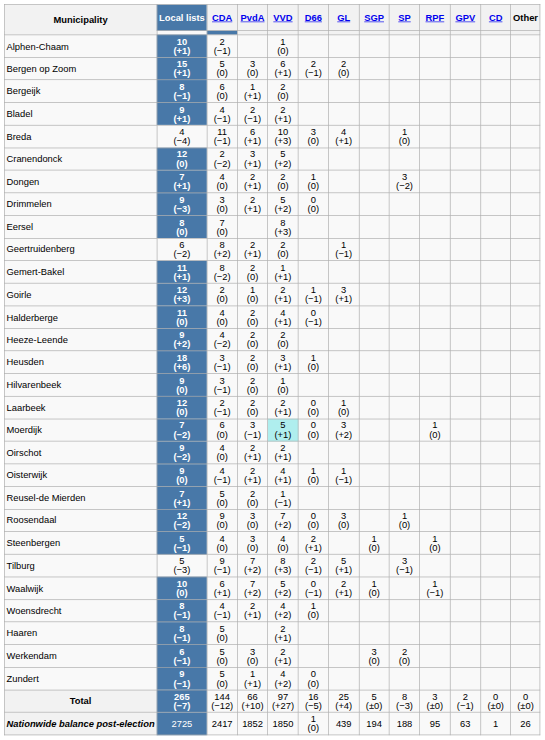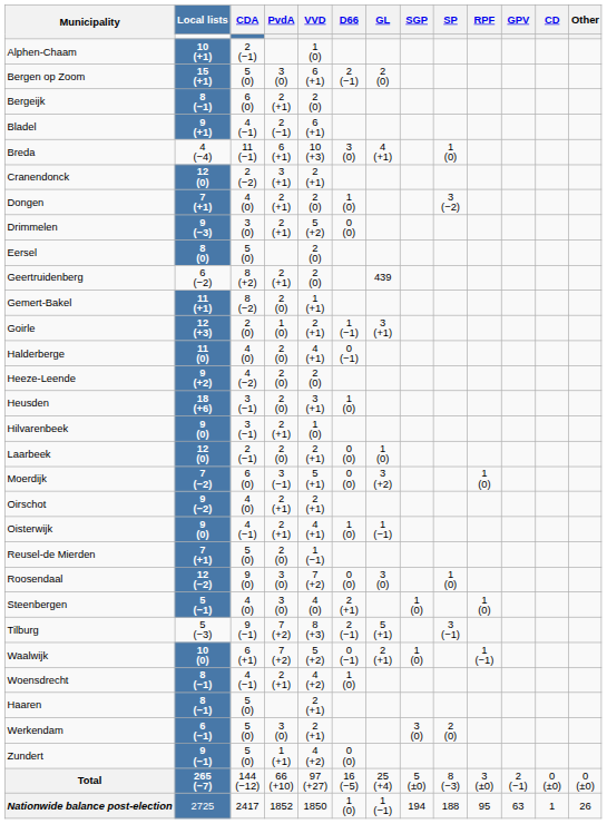 <table class="wikitable sortable" style="text-align:center;font-size:90%;line-height:14px">
 <tr style="height:40px;">
 <th rowspan="2">Municipality</th>
 <th style="width:44px; background:#4878a8; color:#FFFFFF;">Local lists</th>
 <th style="width:40px;"><a href='#'>CDA</a></th>
 <th style="width:40px;"><a href='#'>PvdA</a></th>
 <th style="width:40px;"><a href='#'>VVD</a></th>
 <th style="width:40px;"><a href='#'>D66</a></th>
 <th style="width:40px;"><a href='#'>GL</a></th>
 <th style="width:40px;"><a href='#'>SGP</a></th>
 <th style="width:40px;"><a href='#'>SP</a></th>
 <th style="width:40px;"><a href='#'>RPF</a></th>
 <th style="width:40px;"><a href='#'>GPV</a></th>
 <th style="width:40px;"><a href='#'>CD</a></th>
 <th>Other</th>
 </tr>
 <tr>
 <td></td>
 <th style="background:#4878a8; color:#FFFFFF;"></th>
 <th style="background:"></th>
 <th style="background:"></th>
 <th style="background:"></th>
 <th style="background:"></th>
 <th style="background:"></th>
 <th style="background:"></th>
 <th style="background:"></th>
 <th style="background:"></th>
 <th style="background:"></th>
 <th style="background:"></th>
 </tr>
 <tr>
 <td align="left">Alphen-Chaam</td>
 <td style="background:#4878a8; color:#FFFFFF; font-weight:bold;">10<br>(+1)</td>
 <td>2<br>(−1)</td>
 <td></td>
 <td>1<br>(0)</td>
 <td></td>
 <td></td>
 <td></td>
 <td></td>
 <td></td>
 <td></td>
 <td></td>
 <td></td>
 </tr>
 <tr>
 <td align="left">Bergen op Zoom</td>
 <td style="background:#4878a8; color:#FFFFFF; font-weight:bold;">15<br>(+1)</td>
 <td>5<br>(0)</td>
 <td>3<br>(0)</td>
 <td>6<br>(+1)</td>
 <td>2<br>(−1)</td>
 <td>2<br>(0)</td>
 <td></td>
 <td></td>
 <td></td>
 <td></td>
 <td></td>
 <td></td>
 </tr>
 <tr>
 <td align="left">Bergeijk</td>
 <td style="background:#4878a8; color:#FFFFFF; font-weight:bold;">8<br>(−1)</td>
 <td>6<br>(0)</td>
-<td>1<br>(+1)</td>
+<td>2<br>(+1)</td>
 <td>2<br>(0)</td>
 <td></td>
 <td></td>
 <td></td>
 <td></td>
 <td></td>
 <td></td>
 <td></td>
 <td></td>
 </tr>
 <tr>
 <td align="left">Bladel</td>
 <td style="background:#4878a8; color:#FFFFFF; font-weight:bold;">9<br>(+1)</td>
 <td>4<br>(−1)</td>
 <td>2<br>(−1)</td>
-<td>2<br>(+1)</td>
+<td>6<br>(+1)</td>
 <td></td>
 <td></td>
 <td></td>
 <td></td>
 <td></td>
 <td></td>
 <td></td>
 <td></td>
 </tr>
 <tr>
 <td align="left">Breda</td>
 <td>4<br>(−4)</td>
 <td style="background:">11<br>(−1)</td>
 <td>6<br>(+1)</td>
 <td>10<br>(+3)</td>
 <td>3<br>(0)</td>
 <td>4<br>(+1)</td>
 <td></td>
 <td>1<br>(0)</td>
 <td></td>
 <td></td>
 <td></td>
 <td></td>
 </tr>
 <tr>
 <td align="left">Cranendonck</td>
 <td style="background:#4878a8; color:#FFFFFF; font-weight:bold;">12<br>(0)</td>
 <td>2<br>(−2)</td>
 <td>3<br>(+1)</td>
-<td>5<br>(+2)</td>
+<td>2<br>(+1)</td>
 <td></td>
 <td></td>
 <td></td>
 <td></td>
 <td></td>
 <td></td>
 <td></td>
 <td></td>
 </tr>
 <tr>
 <td align="left">Dongen</td>
 <td style="background:#4878a8; color:#FFFFFF; font-weight:bold;">7<br>(+1)</td>
 <td>4<br>(0)</td>
 <td>2<br>(+1)</td>
 <td>2<br>(0)</td>
 <td>1<br>(0)</td>
 <td></td>
 <td></td>
 <td>3<br>(−2)</td>
 <td></td>
 <td></td>
 <td></td>
 <td></td>
 </tr>
 <tr>
 <td align="left">Drimmelen</td>
 <td style="background:#4878a8; color:#FFFFFF; font-weight:bold;">9<br>(−3)</td>
 <td>3<br>(0)</td>
 <td>2<br>(+1)</td>
 <td>5<br>(+2)</td>
 <td>0<br>(0)</td>
 <td></td>
 <td></td>
 <td></td>
 <td></td>
 <td></td>
 <td></td>
 <td></td>
 </tr>
 <tr>
 <td align="left">Eersel</td>
 <td style="background:#4878a8; color:#FFFFFF; font-weight:bold;">8<br>(0)</td>
-<td>7<br>(0)</td>
+<td>5<br>(0)</td>
 <td></td>
-<td>8<br>(+3)</td>
+<td>2<br>(0)</td>
 <td></td>
 <td></td>
 <td></td>
 <td></td>
 <td></td>
 <td></td>
 <td></td>
 <td></td>
 </tr>
 <tr>
 <td align="left">Geertruidenberg</td>
 <td>6<br>(−2)</td>
 <td style="background:">8<br>(+2)</td>
 <td>2<br>(+1)</td>
 <td>2<br>(0)</td>
 <td></td>
-<td>1<br>(−1)</td>
+<td>439</td>
 <td></td>
 <td></td>
 <td></td>
 <td></td>
 <td></td>
 <td></td>
 </tr>
 <tr>
 <td align="left">Gemert-Bakel</td>
 <td style="background:#4878a8; color:#FFFFFF; font-weight:bold;">11<br>(+1)</td>
 <td>8<br>(−2)</td>
 <td>2<br>(0)</td>
 <td>1<br>(+1)</td>
 <td></td>
 <td></td>
 <td></td>
 <td></td>
 <td></td>
 <td></td>
 <td></td>
 <td></td>
 </tr>
 <tr>
 <td align="left">Goirle</td>
 <td style="background:#4878a8; color:#FFFFFF; font-weight:bold;">12<br>(+3)</td>
 <td>2<br>(0)</td>
 <td>1<br>(0)</td>
 <td>2<br>(+1)</td>
 <td>1<br>(−1)</td>
 <td>3<br>(+1)</td>
 <td></td>
 <td></td>
 <td></td>
 <td></td>
 <td></td>
 <td></td>
 </tr>
 <tr>
 <td align="left">Halderberge</td>
 <td style="background:#4878a8; color:#FFFFFF; font-weight:bold;">11<br>(0)</td>
 <td>4<br>(0)</td>
 <td>2<br>(0)</td>
 <td>4<br>(+1)</td>
 <td>0<br>(−1)</td>
 <td></td>
 <td></td>
 <td></td>
 <td></td>
 <td></td>
 <td></td>
 <td></td>
 </tr>
 <tr>
 <td align="left">Heeze-Leende</td>
 <td style="background:#4878a8; color:#FFFFFF; font-weight:bold;">9<br>(+2)</td>
 <td>4<br>(−2)</td>
 <td>2<br>(0)</td>
 <td>2<br>(0)</td>
 <td></td>
 <td></td>
 <td></td>
 <td></td>
 <td></td>
 <td></td>
 <td></td>
 <td></td>
 </tr>
 <tr>
 <td align="left">Heusden</td>
 <td style="background:#4878a8; color:#FFFFFF; font-weight:bold;">18<br>(+6)</td>
 <td>3<br>(−1)</td>
 <td>2<br>(0)</td>
 <td>3<br>(+1)</td>
 <td>1<br>(0)</td>
 <td></td>
 <td></td>
 <td></td>
 <td></td>
 <td></td>
 <td></td>
 <td></td>
 </tr>
 <tr>
 <td align="left">Hilvarenbeek</td>
 <td style="background:#4878a8; color:#FFFFFF; font-weight:bold;">9<br>(0)</td>
 <td>3<br>(−1)</td>
-<td>2<br>(0)</td>
+<td>2<br>(+1)</td>
 <td>1<br>(0)</td>
 <td></td>
 <td></td>
 <td></td>
 <td></td>
 <td></td>
 <td></td>
 <td></td>
 <td></td>
 </tr>
 <tr>
 <td align="left">Laarbeek</td>
 <td style="background:#4878a8; color:#FFFFFF; font-weight:bold;">12<br>(0)</td>
 <td>2<br>(−1)</td>
 <td>2<br>(0)</td>
 <td>2<br>(+1)</td>
 <td>0<br>(0)</td>
 <td>1<br>(0)</td>
 <td></td>
 <td></td>
 <td></td>
 <td></td>
 <td></td>
 <td></td>
 </tr>
 <tr>
 <td align="left">Moerdijk</td>
 <td style="background:#4878a8; color:#FFFFFF; font-weight:bold;">7<br>(−2)</td>
 <td>6<br>(0)</td>
 <td>3<br>(−1)</td>
-<td style="background: paleturquoise;">5<br>(+1)</td>
+<td>5<br>(+1)</td>
 <td>0<br>(0)</td>
 <td>3<br>(+2)</td>
 <td></td>
 <td></td>
 <td>1<br>(0)</td>
 <td></td>
 <td></td>
 <td></td>
 </tr>
 <tr>
 <td align="left">Oirschot</td>
 <td style="background:#4878a8; color:#FFFFFF; font-weight:bold;">9<br>(−2)</td>
 <td>4<br>(0)</td>
 <td>2<br>(+1)</td>
 <td>2<br>(+1)</td>
 <td></td>
 <td></td>
 <td></td>
 <td></td>
 <td></td>
 <td></td>
 <td></td>
 <td></td>
 </tr>
 <tr>
 <td align="left">Oisterwijk</td>
 <td style="background:#4878a8; color:#FFFFFF; font-weight:bold;">9<br>(0)</td>
 <td>4<br>(−1)</td>
 <td>2<br>(+1)</td>
 <td>4<br>(+1)</td>
 <td>1<br>(0)</td>
 <td>1<br>(−1)</td>
 <td></td>
 <td></td>
 <td></td>
 <td></td>
 <td></td>
 <td></td>
 </tr>
 <tr>
 <td align="left">Reusel-de Mierden</td>
 <td style="background:#4878a8; color:#FFFFFF; font-weight:bold;">7<br>(+1)</td>
 <td>5<br>(0)</td>
 <td>2<br>(0)</td>
 <td>1<br>(−1)</td>
 <td></td>
 <td></td>
 <td></td>
 <td></td>
 <td></td>
 <td></td>
 <td></td>
 <td></td>
 </tr>
 <tr>
 <td align="left">Roosendaal</td>
 <td style="background:#4878a8; color:#FFFFFF; font-weight:bold;">12<br>(−2)</td>
 <td>9<br>(0)</td>
 <td>3<br>(0)</td>
 <td>7<br>(+2)</td>
 <td>0<br>(0)</td>
 <td>3<br>(0)</td>
 <td></td>
 <td>1<br>(0)</td>
 <td></td>
 <td></td>
 <td></td>
 <td></td>
 </tr>
 <tr>
 <td align="left">Steenbergen</td>
 <td style="background:#4878a8; color:#FFFFFF; font-weight:bold;">5<br>(−1)</td>
 <td>4<br>(0)</td>
 <td>3<br>(0)</td>
 <td>4<br>(0)</td>
 <td>2<br>(+1)</td>
 <td></td>
 <td>1<br>(0)</td>
 <td></td>
 <td>1<br>(0)</td>
 <td></td>
 <td></td>
 <td></td>
 </tr>
 <tr>
 <td align="left">Tilburg</td>
 <td>5<br>(−3)</td>
 <td style="background:">9<br>(−1)</td>
 <td>7<br>(+2)</td>
 <td>8<br>(+3)</td>
 <td>2<br>(−1)</td>
 <td>5<br>(+1)</td>
 <td></td>
 <td>3<br>(−1)</td>
 <td></td>
 <td></td>
 <td></td>
 <td></td>
 </tr>
 <tr>
 <td align="left">Waalwijk</td>
 <td style="background:#4878a8; color:#FFFFFF; font-weight:bold;">10<br>(0)</td>
 <td>6<br>(+1)</td>
 <td>7<br>(+2)</td>
 <td>5<br>(+2)</td>
 <td>0<br>(−1)</td>
 <td>2<br>(+1)</td>
 <td>1<br>(0)</td>
 <td></td>
 <td>1<br>(−1)</td>
 <td></td>
 <td></td>
 <td></td>
 </tr>
 <tr>
 <td align="left">Woensdrecht</td>
 <td style="background:#4878a8; color:#FFFFFF; font-weight:bold;">8<br>(−1)</td>
 <td>4<br>(−1)</td>
 <td>2<br>(+1)</td>
 <td>4<br>(+2)</td>
 <td>1<br>(0)</td>
 <td></td>
 <td></td>
 <td></td>
 <td></td>
 <td></td>
 <td></td>
 <td></td>
 </tr>
 <tr>
 <td align="left">Haaren</td>
 <td style="background:#4878a8; color:#FFFFFF; font-weight:bold;">8<br>(−1)</td>
 <td>5<br>(0)</td>
 <td></td>
 <td>2<br>(+1)</td>
 <td></td>
 <td></td>
 <td></td>
 <td></td>
 <td></td>
 <td></td>
 <td></td>
 <td></td>
 </tr>
 <tr>
 <td align="left">Werkendam</td>
 <td style="background:#4878a8; color:#FFFFFF; font-weight:bold;">6<br>(−1)</td>
 <td>5<br>(0)</td>
 <td>3<br>(0)</td>
 <td>2<br>(+1)</td>
 <td></td>
 <td></td>
 <td>3<br>(0)</td>
 <td>2<br>(0)</td>
 <td></td>
 <td></td>
 <td></td>
 <td></td>
 </tr>
 <tr>
 <td align="left">Zundert</td>
 <td style="background:#4878a8; color:#FFFFFF; font-weight:bold;">9<br>(−1)</td>
 <td>5<br>(0)</td>
 <td>1<br>(+1)</td>
 <td>4<br>(+2)</td>
 <td>0<br>(0)</td>
 <td></td>
 <td></td>
 <td></td>
 <td></td>
 <td></td>
 <td></td>
 <td></td>
 </tr>
 <tr>
 <th style="font-weight:bold;">Total</th>
 <td style="background:#4878a8; color:#FFFFFF; font-weight:bold;">265<br>(−7)</td>
 <td>144<br>(−12)</td>
 <td>66<br>(+10)</td>
 <td>97<br>(+27)</td>
 <td>16<br>(−5)</td>
 <td>25<br>(+4)</td>
 <td>5<br>(±0)</td>
 <td>8<br>(−3)</td>
 <td>3<br>(±0)</td>
 <td>2<br>(−1)</td>
 <td>0<br>(±0)</td>
 <td>0<br>(±0)</td>
 </tr>
 <tr>
 <th style="font-style:italic;">Nationwide balance post-election</th>
 <td style="background:#4878a8; color:#FFFFFF;">2725</td>
 <td>2417</td>
 <td>1852</td>
 <td>1850</td>
 <td>1<br>(0)</td>
-<td>439</td>
+<td>1<br>(−1)</td>
 <td>194</td>
 <td>188</td>
 <td>95</td>
 <td>63</td>
 <td>1</td>
 <td>26</td>
 </tr>
 </table>
